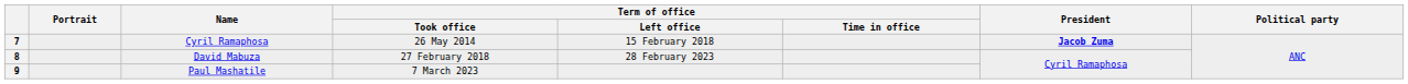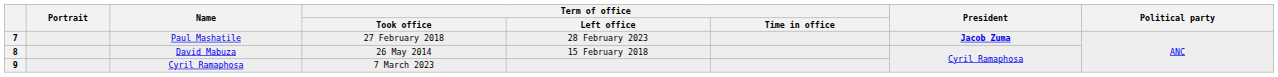 <table class="wikitable" width="100%" style="text-align:center;">
 <tr>
 <th rowspan="2"></th>
 <th rowspan="2" width=125px>Portrait</th>
 <th rowspan="2">Name<br></th>
 <th colspan="3">Term of office</th>
 <th rowspan="2">President</th>
 <th rowspan="2">Political party</th>
 </tr>
 <tr>
 <th>Took office</th>
 <th>Left office</th>
 <th>Time in office</th>
 </tr>
 <tr style="background:#EEEEEE">
 <th style="background:">7</th>
 <td></td>
-<td><a href='#'>Cyril Ramaphosa</a><br></td>
-<td>26 May 2014</td>
-<td>15 February 2018<br></td>
+<td><a href='#'>Paul Mashatile</a><br></td>
+<td>27 February 2018</td>
+<td>28 February 2023<br></td>
 <td></td>
 <td><strong><a href='#'>Jacob Zuma</a></strong></td>
 <td rowspan="3"><a href='#'>ANC</a></td>
 </tr>
 <tr style="background:#EEEEEE">
 <th style="background:">8</th>
 <td></td>
 <td><a href='#'>David Mabuza</a><br></td>
-<td>27 February 2018</td>
-<td>28 February 2023<br></td>
+<td>26 May 2014</td>
+<td>15 February 2018<br></td>
 <td></td>
 <td rowspan="2"><a href='#'>Cyril Ramaphosa</a></td>
 </tr>
 <tr style="background:#EEEEEE">
 <th style="background:">9</th>
 <td></td>
-<td><a href='#'>Paul Mashatile</a><br></td>
+<td><a href='#'>Cyril Ramaphosa</a><br></td>
 <td>7 March 2023</td>
 <td></td>
 <td></td>
 </tr>
 </table>
